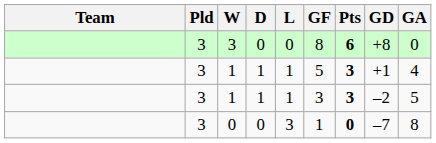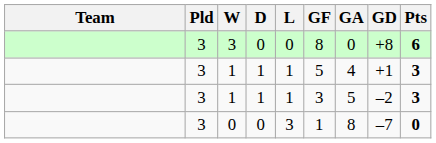 <table class="wikitable" style="text-align:center;">
 <tr>
 <th width=165>Team</th>
 <th width=20>Pld</th>
 <th width=20>W</th>
 <th width=20>D</th>
 <th width=20>L</th>
 <th width=20>GF</th>
+<th width=20>GA</th>
+<th Width=20>GD</th>
 <th width=20>Pts</th>
-<th Width=20>GD</th>
-<th width=20>GA</th>
 </tr>
 <tr align=center style="background:#ccffcc;">
 <td style="text-align:left;"></td>
 <td>3</td>
 <td>3</td>
 <td>0</td>
 <td>0</td>
 <td>8</td>
+<td>0</td>
+<td>+8</td>
 <td><strong>6</strong></td>
-<td>+8</td>
-<td>0</td>
 </tr>
 <tr align=center>
 <td style="text-align:left;"></td>
 <td>3</td>
 <td>1</td>
 <td>1</td>
 <td>1</td>
 <td>5</td>
+<td>4</td>
+<td>+1</td>
 <td><strong>3</strong></td>
-<td>+1</td>
-<td>4</td>
 </tr>
 <tr align=center>
 <td style="text-align:left;"></td>
 <td>3</td>
 <td>1</td>
 <td>1</td>
 <td>1</td>
 <td>3</td>
+<td>5</td>
+<td>–2</td>
 <td><strong>3</strong></td>
-<td>–2</td>
-<td>5</td>
 </tr>
 <tr align=center>
 <td style="text-align:left;"></td>
 <td>3</td>
 <td>0</td>
 <td>0</td>
 <td>3</td>
 <td>1</td>
+<td>8</td>
+<td>–7</td>
 <td><strong>0</strong></td>
-<td>–7</td>
-<td>8</td>
 </tr>
 </table>
